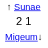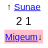 <table style="text-align:center;">
 <tr>
 <td><small>↑ <a href='#'>Sunae</a></small></td>
 </tr>
 <tr>
 <td><span>2</span>   <span>1</span></td>
 </tr>
 <tr>
-<td><small> <a href='#'>Migeum</a>↓ </small></td>
+<td style="background: pink;"><small> <a href='#'>Migeum</a>↓ </small></td>
 </tr>
 </table>
